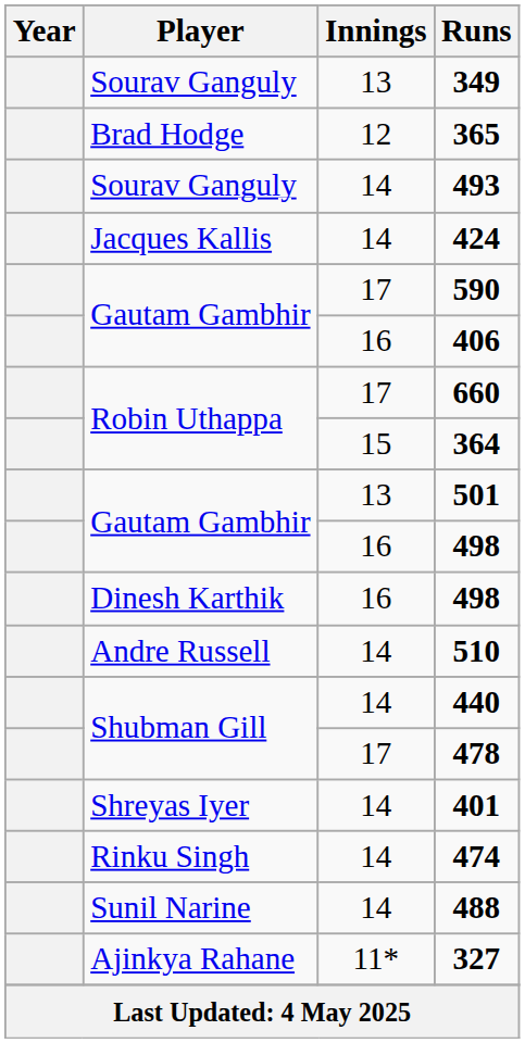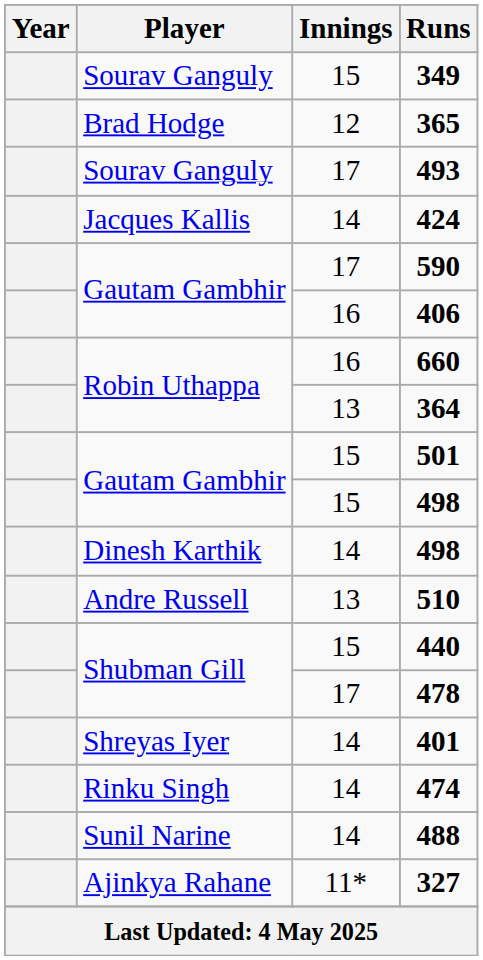 <table class="wikitable sortable" style="text-align:left;font-size:96%;">
 <tr>
 <th>Year</th>
 <th>Player</th>
 <th>Innings</th>
 <th>Runs</th>
 </tr>
 <tr>
 <th scope=row style=text-align:center;></th>
 <td><a href='#'>Sourav Ganguly</a></td>
-<td align=center>13</td>
+<td align=center>15</td>
 <td align=center><strong>349</strong></td>
 </tr>
 <tr>
 <th scope=row style=text-align:center;></th>
 <td><a href='#'>Brad Hodge</a></td>
 <td align=center>12</td>
 <td align=center><strong>365</strong></td>
 </tr>
 <tr>
 <th scope=row style=text-align:center;></th>
 <td><a href='#'>Sourav Ganguly</a></td>
-<td align=center>14</td>
+<td align=center>17</td>
 <td align=center><strong>493</strong></td>
 </tr>
 <tr>
 <th scope=row style=text-align:center;></th>
 <td><a href='#'>Jacques Kallis</a></td>
 <td align=center>14</td>
 <td align=center><strong>424</strong></td>
 </tr>
 <tr>
 <th scope=row style=text-align:center;></th>
 <td rowspan=2><a href='#'>Gautam Gambhir</a></td>
 <td align=center>17</td>
 <td align=center><strong>590</strong></td>
 </tr>
 <tr>
 <th scope=row style=text-align:center;></th>
 <td align=center>16</td>
 <td align=center><strong>406</strong></td>
 </tr>
 <tr>
 <th scope=row style=text-align:center;></th>
 <td rowspan=2><a href='#'>Robin Uthappa</a></td>
-<td align=center>17</td>
+<td align=center>16</td>
 <td align=center><strong>660</strong></td>
 </tr>
 <tr>
 <th scope=row style=text-align:center;></th>
-<td align=center>15</td>
+<td align=center>13</td>
 <td align=center><strong>364</strong></td>
 </tr>
 <tr>
 <th scope=row style=text-align:center;></th>
 <td rowspan=2><a href='#'>Gautam Gambhir</a></td>
-<td align=center>13</td>
+<td align=center>15</td>
 <td align=center><strong>501</strong></td>
 </tr>
 <tr>
 <th scope=row style=text-align:center;></th>
-<td align=center>16</td>
+<td align=center>15</td>
 <td align=center><strong>498</strong></td>
 </tr>
 <tr>
 <th scope=row style=text-align:center;></th>
 <td><a href='#'>Dinesh Karthik</a></td>
-<td align=center>16</td>
+<td align=center>14</td>
 <td align=center><strong>498</strong></td>
 </tr>
 <tr>
 <th scope=row style=text-align:center;></th>
 <td><a href='#'>Andre Russell</a></td>
-<td align=center>14</td>
+<td align=center>13</td>
 <td align=center><strong>510</strong></td>
 </tr>
 <tr>
 <th scope=row style=text-align:center;></th>
 <td rowspan=2><a href='#'>Shubman Gill</a></td>
-<td align=center>14</td>
+<td align=center>15</td>
 <td align=center><strong>440</strong></td>
 </tr>
 <tr>
 <th scope=row style=text-align:center;></th>
 <td align=center>17</td>
 <td align=center><strong>478</strong></td>
 </tr>
 <tr>
 <th scope=row style=text-align:center;></th>
 <td><a href='#'>Shreyas Iyer</a></td>
 <td align=center>14</td>
 <td align=center><strong>401</strong></td>
 </tr>
 <tr>
 <th scope=row style=text-align:center;></th>
 <td><a href='#'>Rinku Singh</a></td>
 <td align=center>14</td>
 <td align=center><strong>474</strong></td>
 </tr>
 <tr>
 <th scope=row style=text-align:center;></th>
 <td><a href='#'>Sunil Narine</a></td>
 <td align=center>14</td>
 <td align=center><strong>488</strong></td>
 </tr>
 <tr>
 <th scope=row style=text-align:center;></th>
 <td><a href='#'>Ajinkya Rahane</a></td>
 <td align=center>11*</td>
 <td align=center><strong>327</strong></td>
 </tr>
 <tr>
 </tr>
 <tr class=sortbottom>
 <th colspan=6><small>Last Updated: 4 May 2025</small></th>
 </tr>
 </table>
